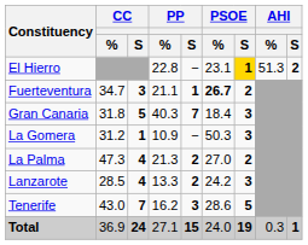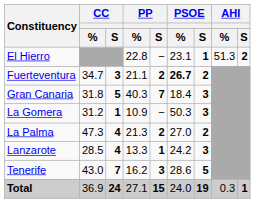 <table class="wikitable sortable" style="text-align:right; line-height:20px;">
 <tr>
 <th rowspan="3">Constituency</th>
 <th colspan="2" width="30px" class="unsortable"><a href='#'>CC</a></th>
 <th colspan="2" width="30px" class="unsortable"><a href='#'>PP</a></th>
 <th colspan="2" width="30px" class="unsortable"><a href='#'>PSOE</a></th>
 <th colspan="2" width="30px" class="unsortable"><a href='#'>AHI</a></th>
 </tr>
 <tr>
 <th colspan="2" style="background:"></th>
 <th colspan="2" style="background:"></th>
 <th colspan="2" style="background:"></th>
 <th colspan="2" style="background:"></th>
 </tr>
 <tr>
 <th data-sort-type="number">%</th>
 <th data-sort-type="number">S</th>
 <th data-sort-type="number">%</th>
 <th data-sort-type="number">S</th>
 <th data-sort-type="number">%</th>
 <th data-sort-type="number">S</th>
 <th data-sort-type="number">%</th>
 <th data-sort-type="number">S</th>
 </tr>
 <tr>
 <td align="left"><a href='#'>El Hierro</a></td>
 <td colspan="2" bgcolor="#AAAAAA"></td>
 <td>22.8</td>
 <td>−</td>
 <td>23.1</td>
-<td style="background: gold;"><strong>1</strong></td>
+<td><strong>1</strong></td>
 <td style="background:">51.3</td>
 <td><strong>2</strong></td>
 </tr>
 <tr>
 <td align="left"><a href='#'>Fuerteventura</a></td>
 <td style="background:">34.7</td>
 <td><strong>3</strong></td>
 <td>21.1</td>
-<td><strong>1</strong></td>
+<td><strong>2</strong></td>
 <td><strong>26.7</strong></td>
 <td><strong>2</strong></td>
 <td colspan="2" rowspan="6" bgcolor="#AAAAAA"></td>
 </tr>
 <tr>
 <td align="left"><a href='#'>Gran Canaria</a></td>
 <td>31.8</td>
 <td><strong>5</strong></td>
 <td style="background:">40.3</td>
 <td><strong>7</strong></td>
 <td>18.4</td>
 <td><strong>3</strong></td>
 </tr>
 <tr>
 <td align="left"><a href='#'>La Gomera</a></td>
 <td>31.2</td>
 <td><strong>1</strong></td>
 <td>10.9</td>
 <td>−</td>
 <td style="background:">50.3</td>
 <td><strong>3</strong></td>
 </tr>
 <tr>
 <td align="left"><a href='#'>La Palma</a></td>
 <td style="background:">47.3</td>
 <td><strong>4</strong></td>
 <td>21.3</td>
 <td><strong>2</strong></td>
 <td>27.0</td>
 <td><strong>2</strong></td>
 </tr>
 <tr>
 <td align="left"><a href='#'>Lanzarote</a></td>
 <td style="background:">28.5</td>
 <td><strong>4</strong></td>
 <td>13.3</td>
-<td><strong>2</strong></td>
+<td><strong>1</strong></td>
 <td>24.2</td>
 <td><strong>3</strong></td>
 </tr>
 <tr>
 <td align="left"><a href='#'>Tenerife</a></td>
 <td style="background:">43.0</td>
 <td><strong>7</strong></td>
 <td>16.2</td>
 <td><strong>3</strong></td>
 <td>28.6</td>
 <td><strong>5</strong></td>
 </tr>
 <tr style="background:#CDCDCD;">
 <td align="left"><strong>Total</strong></td>
 <td style="background:">36.9</td>
 <td><strong>24</strong></td>
 <td>27.1</td>
 <td><strong>15</strong></td>
 <td>24.0</td>
 <td><strong>19</strong></td>
 <td>0.3</td>
 <td><strong>1</strong></td>
 </tr>
 </table>
